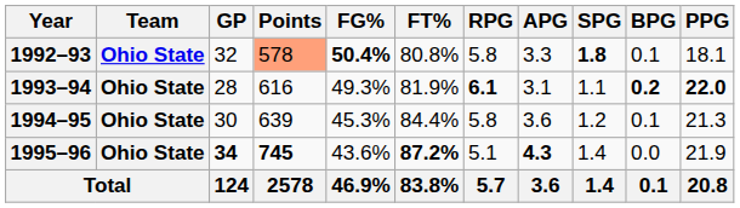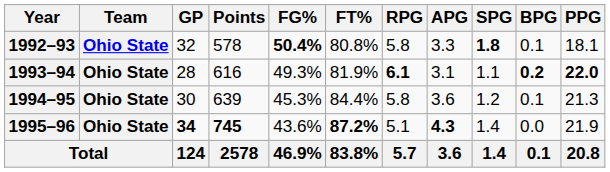 <table class="wikitable">
 <tr>
 <th>Year</th>
 <th>Team</th>
 <th>GP</th>
 <th>Points</th>
 <th>FG%</th>
 <th>FT%</th>
 <th>RPG</th>
 <th>APG</th>
 <th>SPG</th>
 <th>BPG</th>
 <th>PPG</th>
 </tr>
 <tr>
 <th>1992–93</th>
 <th><a href='#'>Ohio State</a></th>
 <td>32</td>
-<td style="background: lightsalmon;">578</td>
+<td>578</td>
 <td><strong>50.4%</strong></td>
 <td>80.8%</td>
 <td>5.8</td>
 <td>3.3</td>
 <td><strong>1.8</strong></td>
 <td>0.1</td>
 <td>18.1</td>
 </tr>
 <tr>
 <th>1993–94</th>
 <th>Ohio State</th>
 <td>28</td>
 <td>616</td>
 <td>49.3%</td>
 <td>81.9%</td>
 <td><strong>6.1</strong></td>
 <td>3.1</td>
 <td>1.1</td>
 <td><strong>0.2</strong></td>
 <td><strong>22.0</strong></td>
 </tr>
 <tr>
 <th>1994–95</th>
 <th>Ohio State</th>
 <td>30</td>
 <td>639</td>
 <td>45.3%</td>
 <td>84.4%</td>
 <td>5.8</td>
 <td>3.6</td>
 <td>1.2</td>
 <td>0.1</td>
 <td>21.3</td>
 </tr>
 <tr>
 <th>1995–96</th>
 <th>Ohio State</th>
 <td><strong>34</strong></td>
 <td><strong>745</strong></td>
 <td>43.6%</td>
 <td><strong>87.2%</strong></td>
 <td>5.1</td>
 <td><strong>4.3</strong></td>
 <td>1.4</td>
 <td>0.0</td>
 <td>21.9</td>
 </tr>
 <tr>
 <th colspan="2">Total</th>
 <th>124</th>
 <th>2578</th>
 <th>46.9%</th>
 <th>83.8%</th>
 <th>5.7</th>
 <th>3.6</th>
 <th>1.4</th>
 <th>0.1</th>
 <th>20.8</th>
 </tr>
 </table>
